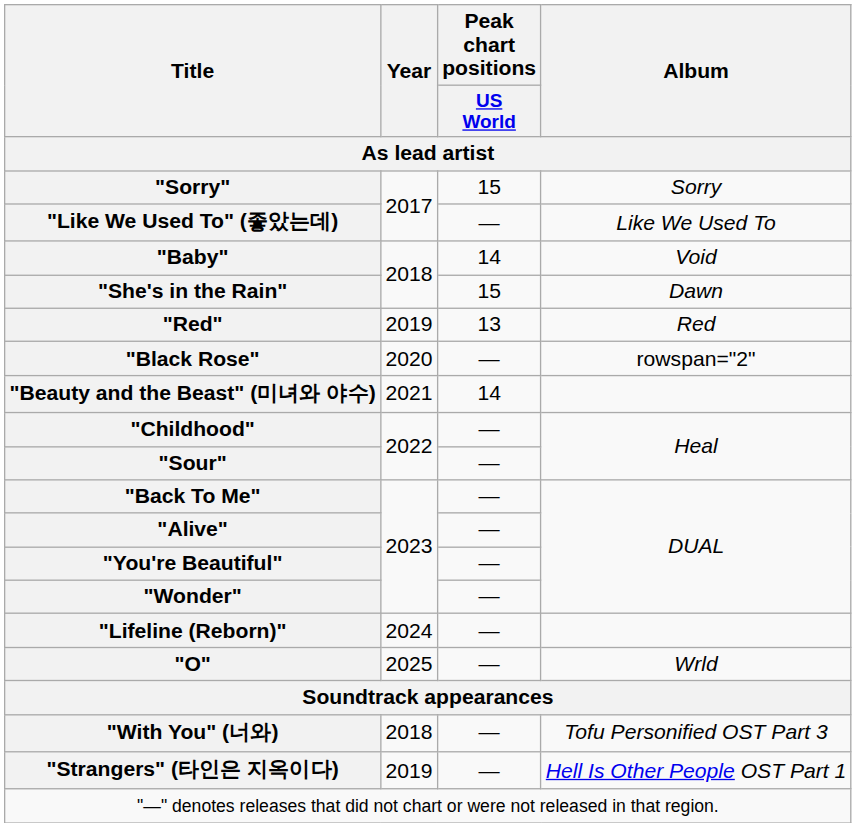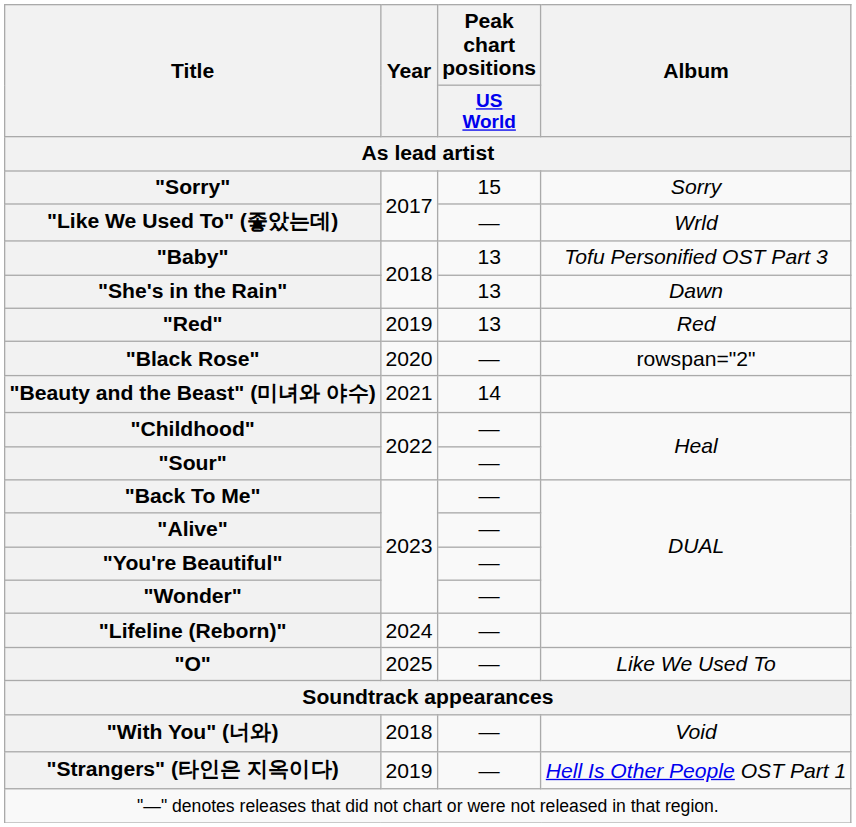 <table class="wikitable plainrowheaders" style="text-align:center;" border="1">
 <tr>
 <th scope="col" rowspan="2">Title</th>
 <th scope="col" rowspan="2">Year</th>
 <th scope="col" colspan="1">Peak chart positions</th>
 <th scope="col" rowspan="2">Album</th>
 </tr>
 <tr>
 <th scope="col" style="width:3em;font-size:90%;"><a href='#'>US<br>World</a><br></th>
 </tr>
 <tr>
 <th colspan="4">As lead artist</th>
 </tr>
 <tr>
 <th scope="row">"Sorry"</th>
 <td rowspan="2">2017</td>
 <td>15</td>
 <td><em>Sorry</em></td>
 </tr>
 <tr>
 <th scope="row">"Like We Used To" (좋았는데)</th>
 <td>—</td>
-<td><em>Like We Used To</em></td>
+<td><em>Wrld</em></td>
 </tr>
 <tr>
 <th scope="row">"Baby"</th>
 <td rowspan="2">2018</td>
-<td>14</td>
-<td><em>Void</em></td>
+<td>13</td>
+<td><em>Tofu Personified OST Part 3</em></td>
 </tr>
 <tr>
 <th scope="row">"She's in the Rain"</th>
-<td>15</td>
+<td>13</td>
 <td><em>Dawn</em></td>
 </tr>
 <tr>
 <th scope="row">"Red"</th>
 <td>2019</td>
 <td>13</td>
 <td><em>Red</em></td>
 </tr>
 <tr>
 <th scope="row">"Black Rose"</th>
 <td>2020</td>
 <td>—</td>
 <td>rowspan="2" </td>
 </tr>
 <tr>
 <th scope="row">"Beauty and the Beast" (미녀와 야수)</th>
 <td>2021</td>
 <td>14</td>
 </tr>
 <tr>
 <th scope="row">"Childhood"</th>
 <td rowspan="2">2022</td>
 <td>—</td>
 <td rowspan="2"><em>Heal</em></td>
 </tr>
 <tr>
 <th scope="row">"Sour"</th>
 <td>—</td>
 </tr>
 <tr>
 <th scope="row">"Back To Me"</th>
 <td rowspan="4">2023</td>
 <td>—</td>
 <td rowspan="4"><em>DUAL</em></td>
 </tr>
 <tr>
 <th scope="row">"Alive"</th>
 <td>—</td>
 </tr>
 <tr>
 <th scope="row">"You're Beautiful"</th>
 <td>—</td>
 </tr>
 <tr>
 <th scope="row">"Wonder"</th>
 <td>—</td>
 </tr>
 <tr>
 <th scope="row">"Lifeline (Reborn)"</th>
 <td>2024</td>
 <td>—</td>
 <td></td>
 </tr>
 <tr>
 <th scope="row">"O"</th>
 <td>2025</td>
 <td>—</td>
-<td><em>Wrld</em></td>
+<td><em>Like We Used To</em></td>
 </tr>
 <tr>
 <th colspan="4">Soundtrack appearances</th>
 </tr>
 <tr>
 <th scope="row">"With You" (너와)</th>
 <td>2018</td>
 <td>—</td>
-<td><em>Tofu Personified OST Part 3</em></td>
+<td><em>Void</em></td>
 </tr>
 <tr>
 <th scope="row">"Strangers" (타인은 지옥이다)</th>
 <td>2019</td>
 <td>—</td>
 <td><em><a href='#'>Hell Is Other People</a> OST Part 1</em></td>
 </tr>
 <tr>
 <td colspan="4"><small>"—" denotes releases that did not chart or were not released in that region.</small></td>
 </tr>
 </table>
